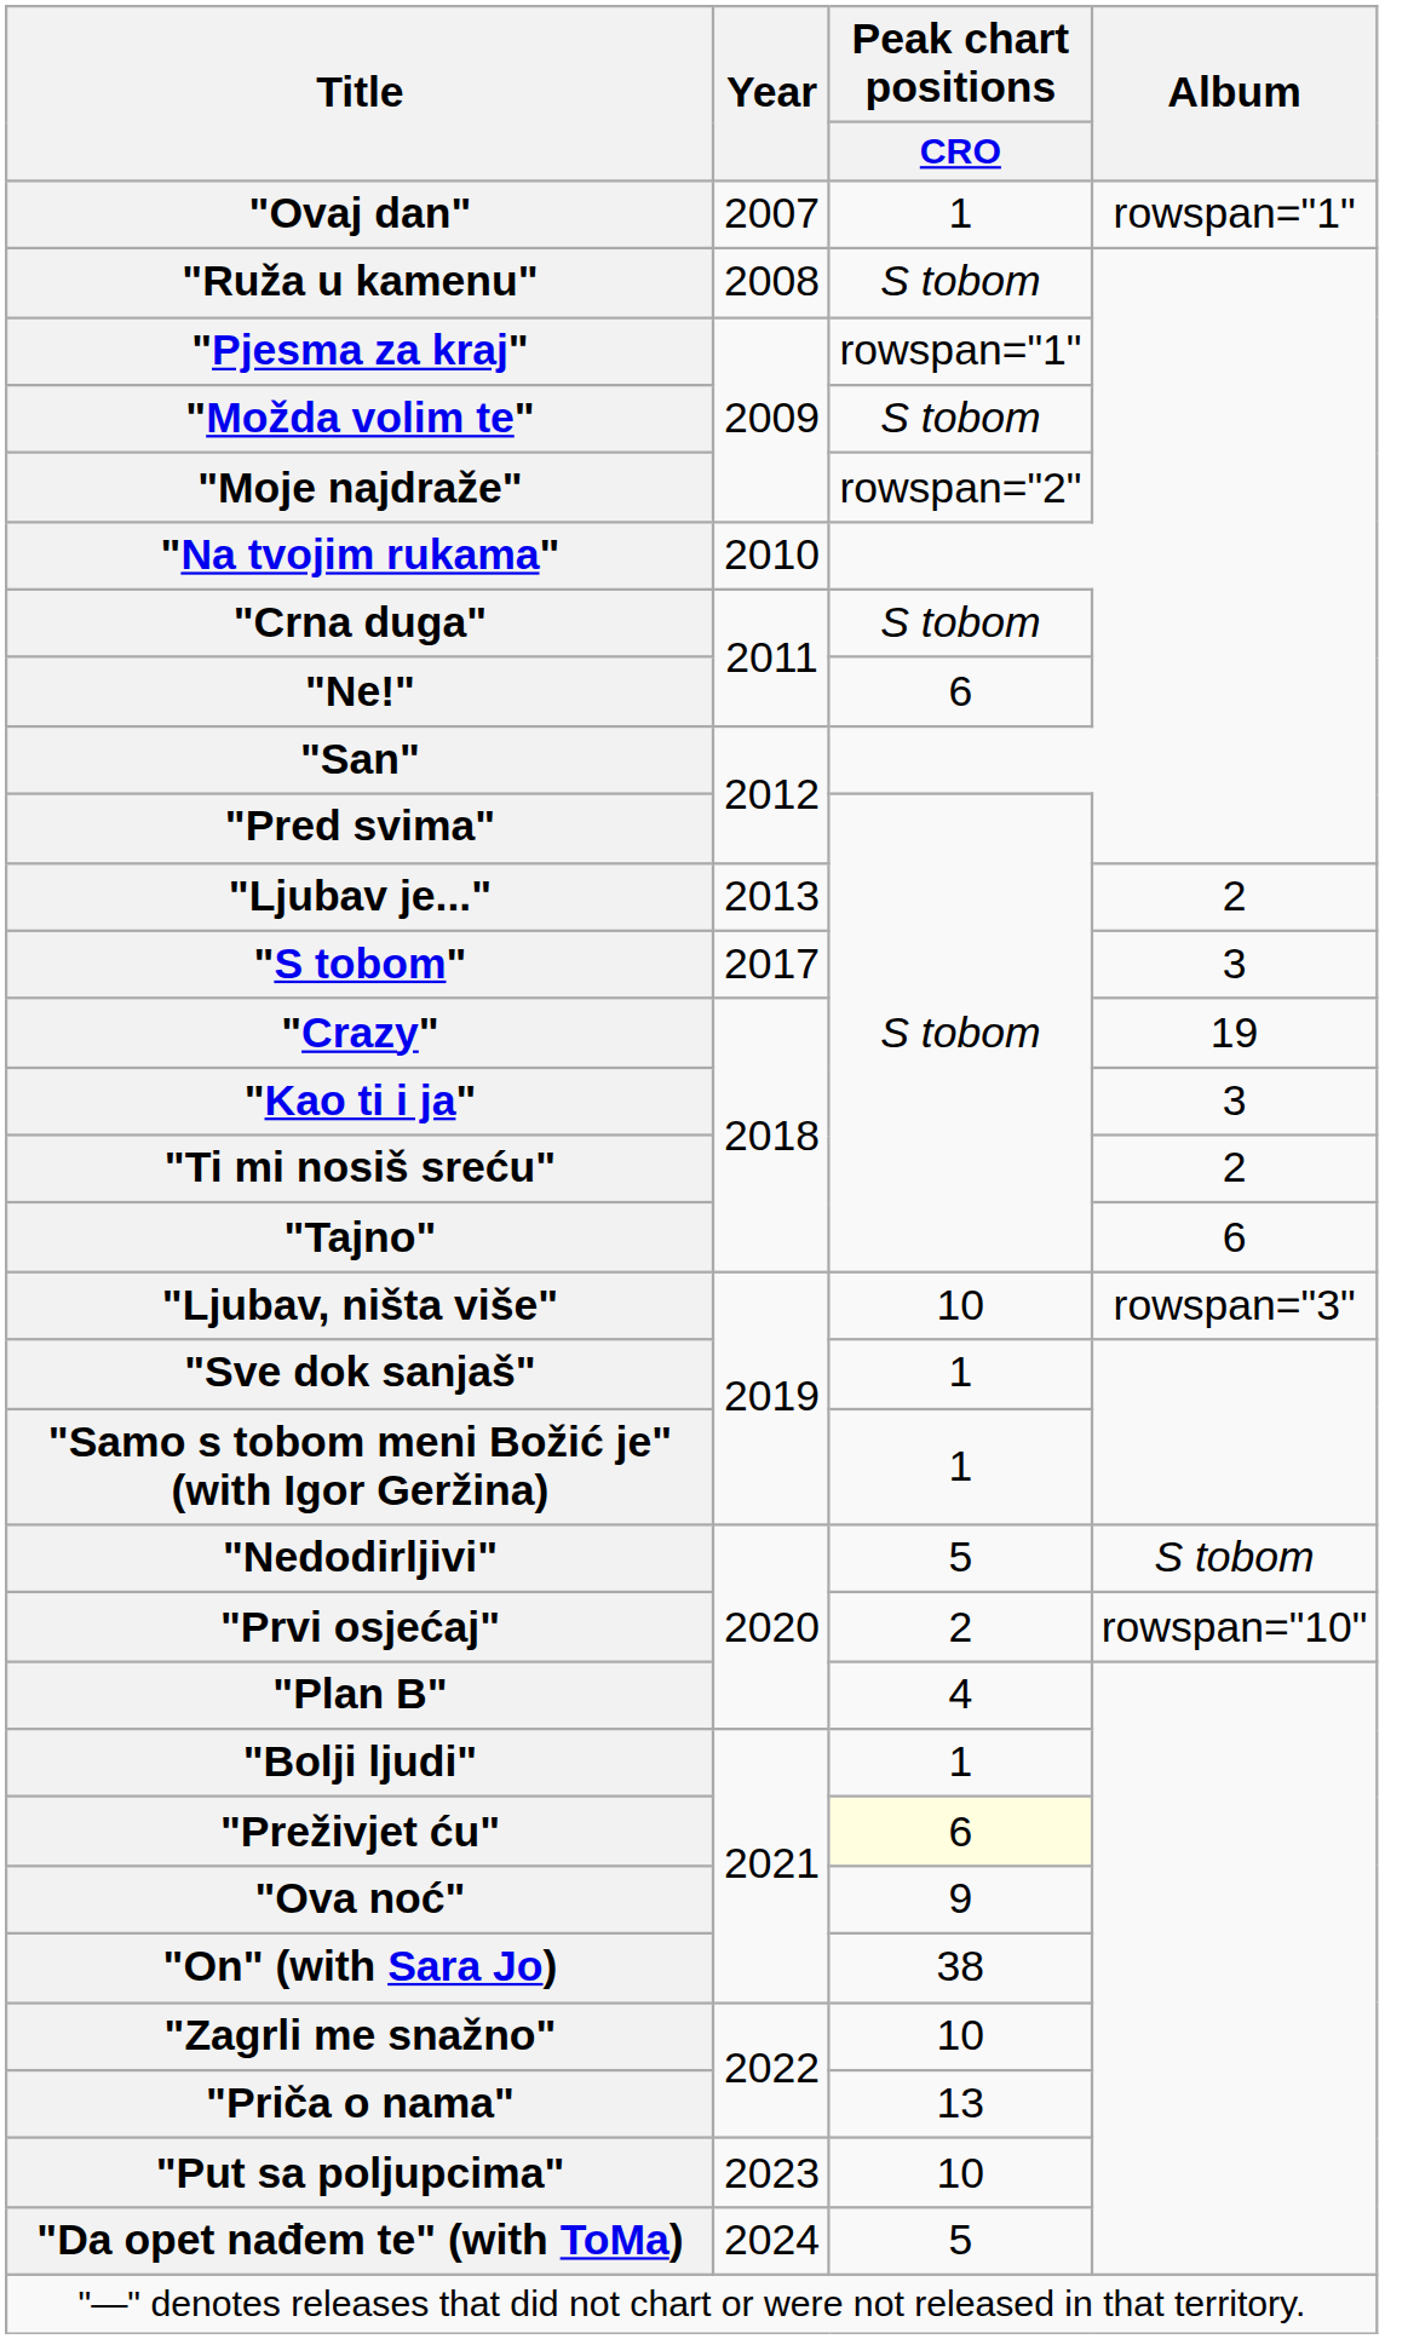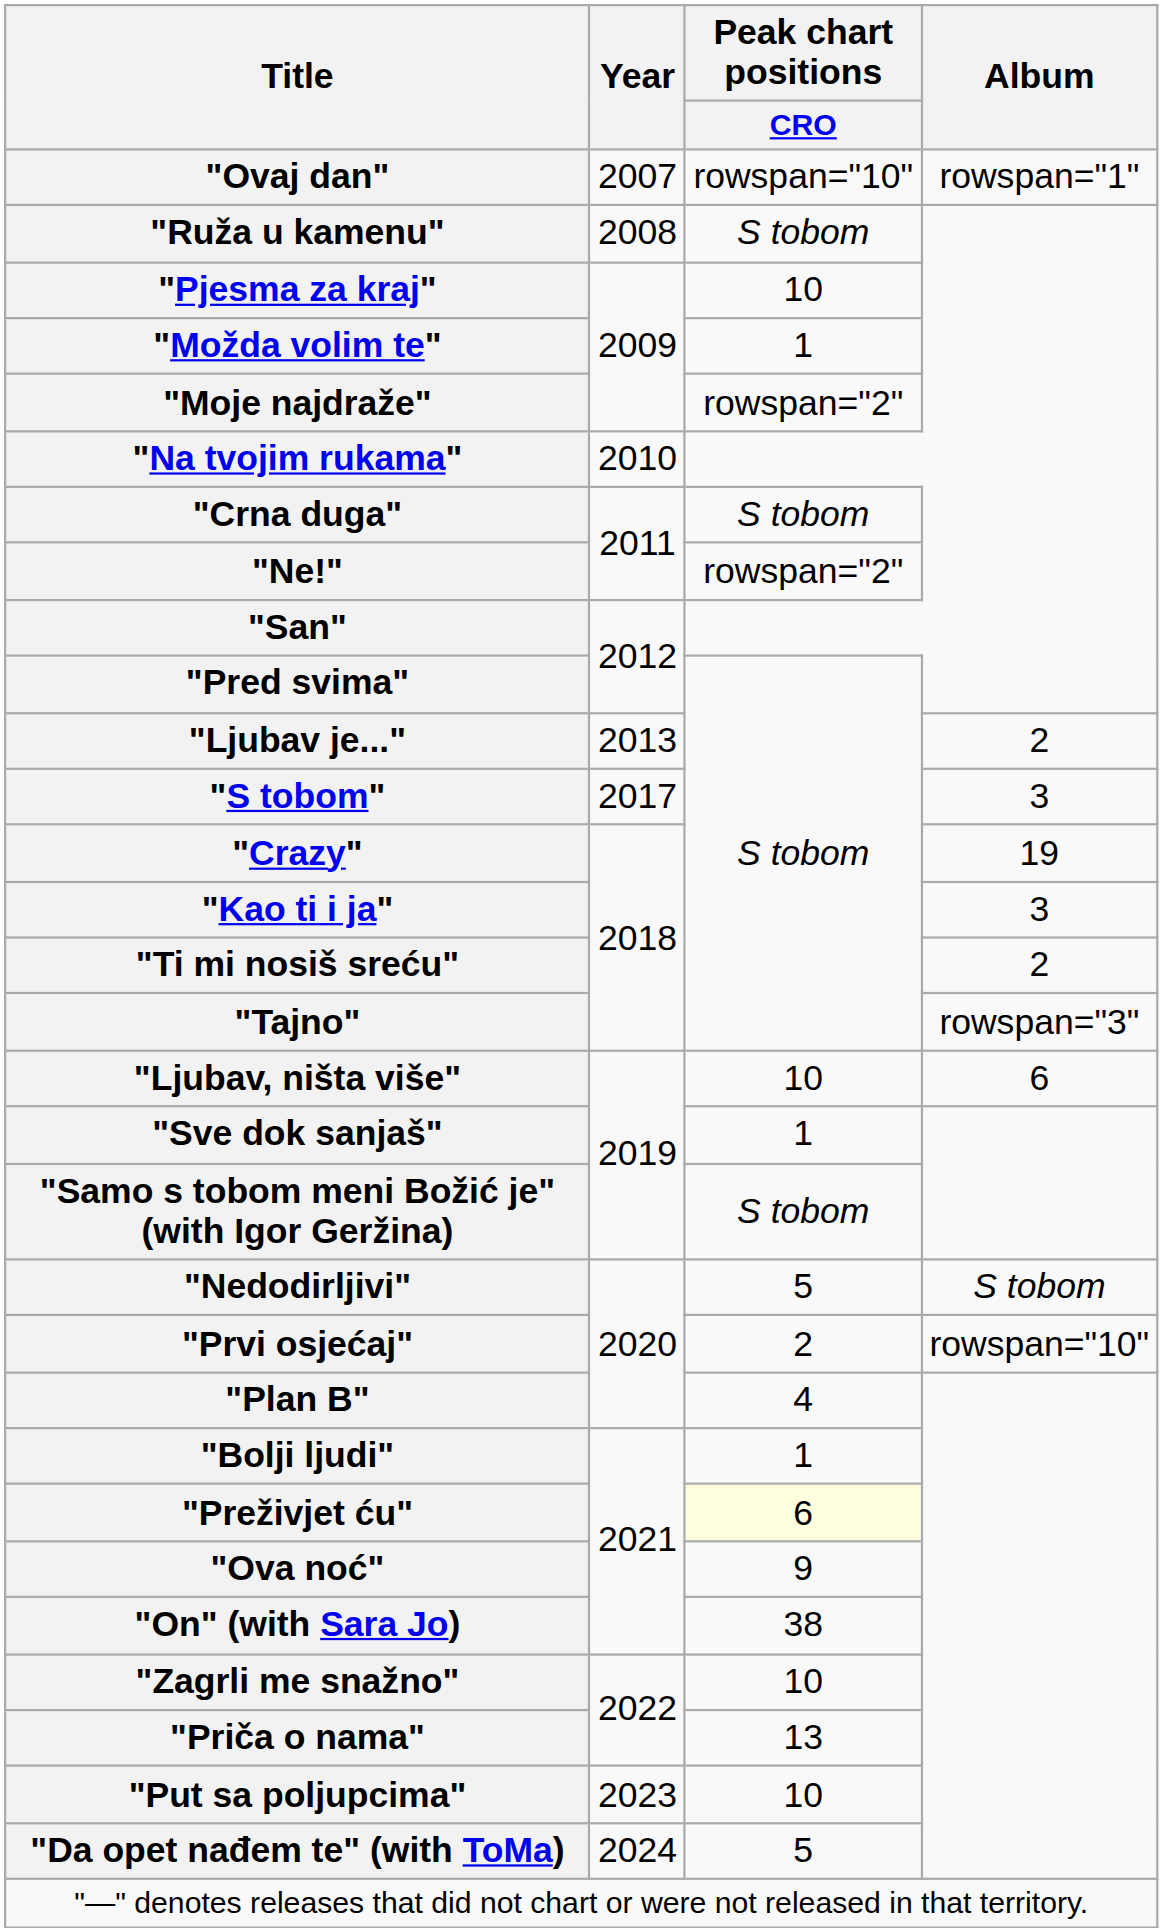 <table class="wikitable plainrowheaders" style="text-align:center;">
 <tr>
 <th scope="col" rowspan="2" style="width:16em;">Title</th>
 <th scope="col" rowspan="2" style="width:1em;">Year</th>
 <th scope="col" colspan="1">Peak chart positions</th>
 <th scope="col" rowspan="2">Album</th>
 </tr>
 <tr>
 <th scope="col" style="width:3em;font-size:85%;"><a href='#'>CRO</a><br></th>
 </tr>
 <tr>
 <th scope="row">"Ovaj dan"</th>
 <td>2007</td>
-<td>1</td>
+<td>rowspan="10" </td>
 <td>rowspan="1" </td>
 </tr>
 <tr>
 <th scope="row">"Ruža u kamenu"</th>
 <td>2008</td>
 <td><em>S tobom</em></td>
 </tr>
 <tr>
 <th scope="row">"<a href='#'>Pjesma za kraj</a>"</th>
 <td rowspan="3">2009</td>
-<td>rowspan="1" </td>
+<td>10</td>
 </tr>
 <tr>
 <th scope="row">"<a href='#'>Možda volim te</a>"</th>
-<td><em>S tobom</em></td>
+<td>1</td>
 </tr>
 <tr>
 <th scope="row">"Moje najdraže"</th>
 <td>rowspan="2" </td>
 </tr>
 <tr>
 <th scope="row">"<a href='#'>Na tvojim rukama</a>"</th>
 <td>2010</td>
 </tr>
 <tr>
 <th scope="row">"Crna duga"</th>
 <td rowspan="2">2011</td>
 <td><em>S tobom</em></td>
 </tr>
 <tr>
 <th scope="row">"Ne!"</th>
-<td>6</td>
+<td>rowspan="2" </td>
 </tr>
 <tr>
 <th scope="row">"San"</th>
 <td rowspan="2">2012</td>
 </tr>
 <tr>
 <th scope="row">"Pred svima"</th>
 <td rowspan="7"><em>S tobom</em></td>
 </tr>
 <tr>
 <th scope="row">"Ljubav je..."</th>
 <td>2013</td>
 <td>2</td>
 </tr>
 <tr>
 <th scope="row">"<a href='#'>S tobom</a>"</th>
 <td>2017</td>
 <td>3</td>
 </tr>
 <tr>
 <th scope="row">"<a href='#'>Crazy</a>"</th>
 <td rowspan="4">2018</td>
 <td>19</td>
 </tr>
 <tr>
 <th scope="row">"<a href='#'>Kao ti i ja</a>"</th>
 <td>3</td>
 </tr>
 <tr>
 <th scope="row">"Ti mi nosiš sreću"</th>
 <td>2</td>
 </tr>
 <tr>
 <th scope="row">"Tajno"</th>
-<td>6</td>
+<td>rowspan="3" </td>
 </tr>
 <tr>
 <th scope="row">"Ljubav, ništa više"</th>
 <td rowspan="3">2019</td>
 <td>10</td>
-<td>rowspan="3" </td>
+<td>6</td>
 </tr>
 <tr>
 <th scope="row">"Sve dok sanjaš"</th>
 <td>1</td>
 </tr>
 <tr>
 <th scope="row">"Samo s tobom meni Božić je" <span>(with Igor Geržina)</span></th>
-<td>1</td>
+<td><em>S tobom</em></td>
 </tr>
 <tr>
 <th scope="row">"Nedodirljivi"</th>
 <td rowspan="3">2020</td>
 <td>5</td>
 <td rowspan="1"><em>S tobom</em></td>
 </tr>
 <tr>
 <th scope="row">"Prvi osjećaj"</th>
 <td>2</td>
 <td>rowspan="10" </td>
 </tr>
 <tr>
 <th scope="row">"Plan B"</th>
 <td>4</td>
 </tr>
 <tr>
 <th scope="row">"Bolji ljudi"</th>
 <td rowspan="4">2021</td>
 <td>1</td>
 </tr>
 <tr>
 <th scope="row">"Preživjet ću"</th>
 <td style="background: lightyellow;">6</td>
 </tr>
 <tr>
 <th scope="row">"Ova noć"</th>
 <td>9</td>
 </tr>
 <tr>
 <th scope="row">"On" <span>(with <a href='#'>Sara Jo</a>)</span></th>
 <td>38</td>
 </tr>
 <tr>
 <th scope="row">"Zagrli me snažno"</th>
 <td rowspan="2">2022</td>
 <td>10</td>
 </tr>
 <tr>
 <th scope="row">"Priča o nama"</th>
 <td>13</td>
 </tr>
 <tr>
 <th scope="row">"Put sa poljupcima"</th>
 <td rowspan="1">2023</td>
 <td>10</td>
 </tr>
 <tr>
 <th scope="row">"Da opet nađem te" <span>(with <a href='#'>ToMa</a>)</span></th>
 <td rowspan="1">2024</td>
 <td>5</td>
 </tr>
 <tr>
 <td colspan="22" style="text-align:center; font-size:85%;">"—" denotes releases that did not chart or were not released in that territory.</td>
 </tr>
 </table>
